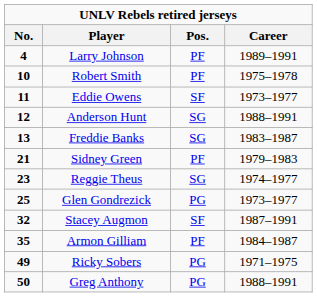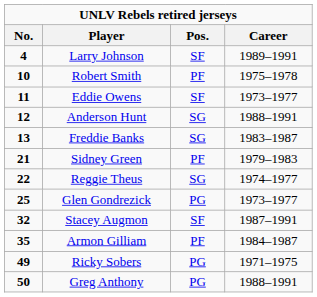 <table class="wikitable sortable" style="text-align:center">
 <tr>
 <td colspan="4"><strong>UNLV Rebels retired jerseys</strong></td>
 </tr>
 <tr>
 <th width=40px>No.</th>
 <th width=150px>Player</th>
 <th width=60px>Pos.</th>
 <th width=100px>Career</th>
 </tr>
 <tr>
 <td><strong>4</strong></td>
 <td><a href='#'>Larry Johnson</a></td>
-<td><a href='#'>PF</a></td>
+<td><a href='#'>SF</a></td>
 <td>1989–1991</td>
 </tr>
 <tr>
 <td><strong>10</strong></td>
 <td><a href='#'>Robert Smith</a></td>
 <td><a href='#'>PF</a></td>
 <td>1975–1978</td>
 </tr>
 <tr>
 <td><strong>11</strong></td>
 <td><a href='#'>Eddie Owens</a></td>
 <td><a href='#'>SF</a></td>
 <td>1973–1977</td>
 </tr>
 <tr>
 <td><strong>12</strong></td>
 <td><a href='#'>Anderson Hunt</a></td>
 <td><a href='#'>SG</a></td>
 <td>1988–1991</td>
 </tr>
 <tr>
 <td><strong>13</strong></td>
 <td><a href='#'>Freddie Banks</a></td>
 <td><a href='#'>SG</a></td>
 <td>1983–1987</td>
 </tr>
 <tr>
 <td><strong>21</strong></td>
 <td><a href='#'>Sidney Green</a></td>
 <td><a href='#'>PF</a></td>
 <td>1979–1983</td>
 </tr>
 <tr>
-<td><strong>23</strong></td>
+<td><strong>22</strong></td>
 <td><a href='#'>Reggie Theus</a></td>
 <td><a href='#'>SG</a></td>
 <td>1974–1977</td>
 </tr>
 <tr>
 <td><strong>25</strong></td>
 <td><a href='#'>Glen Gondrezick</a></td>
 <td><a href='#'>PG</a></td>
 <td>1973–1977</td>
 </tr>
 <tr>
 <td><strong>32</strong></td>
 <td><a href='#'>Stacey Augmon</a></td>
 <td><a href='#'>SF</a></td>
 <td>1987–1991</td>
 </tr>
 <tr>
 <td><strong>35</strong></td>
 <td><a href='#'>Armon Gilliam</a></td>
 <td><a href='#'>PF</a></td>
 <td>1984–1987</td>
 </tr>
 <tr>
 <td><strong>49</strong></td>
 <td><a href='#'>Ricky Sobers</a></td>
 <td><a href='#'>PG</a></td>
 <td>1971–1975</td>
 </tr>
 <tr>
 <td><strong>50</strong></td>
 <td><a href='#'>Greg Anthony</a></td>
 <td><a href='#'>PG</a></td>
 <td>1988–1991</td>
 </tr>
 </table>
